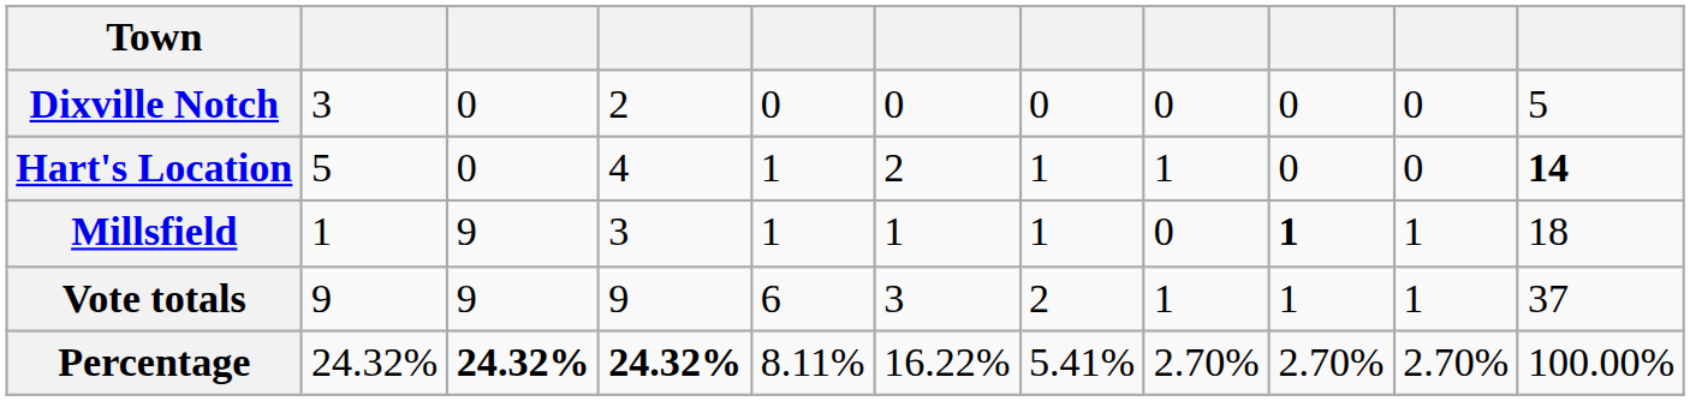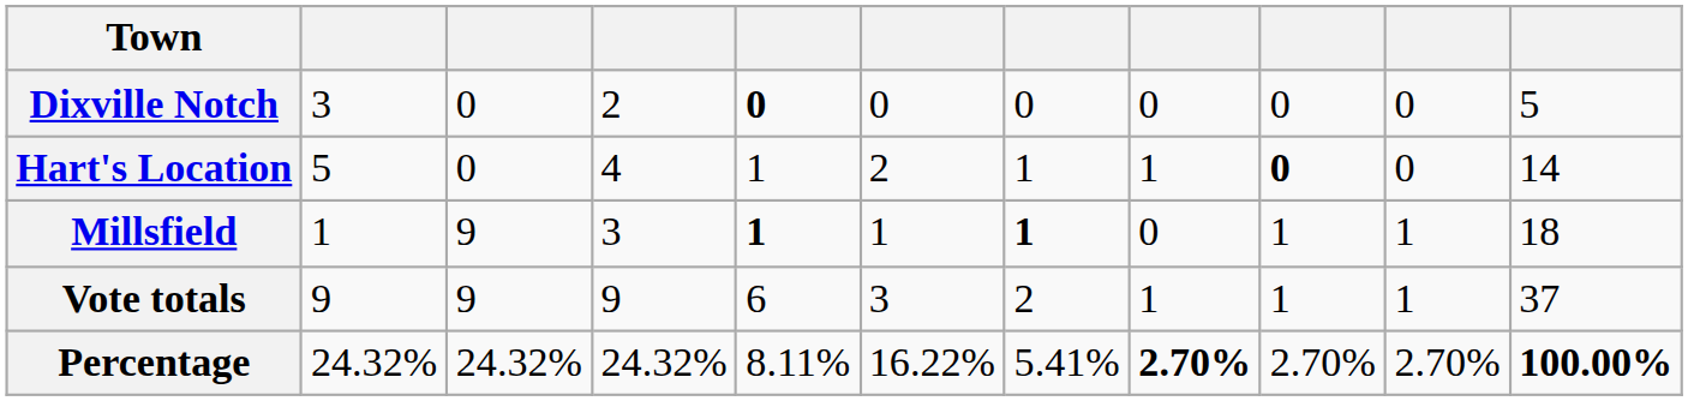 <table class="wikitable sortable" style=margin:auto;margin:auto>
 <tr valign=bottom>
 <th>Town</th>
 <th></th>
 <th></th>
 <th></th>
 <th></th>
 <th></th>
 <th></th>
 <th></th>
 <th></th>
 <th></th>
 <th></th>
 </tr>
 <tr>
 <th><a href='#'>Dixville Notch</a></th>
 <td>3</td>
 <td>0</td>
 <td>2</td>
-<td>0</td>
+<td><strong>0</strong></td>
 <td>0</td>
 <td>0</td>
 <td>0</td>
 <td>0</td>
 <td>0</td>
 <td>5</td>
 </tr>
 <tr>
 <th><a href='#'>Hart's Location</a></th>
 <td>5</td>
 <td>0</td>
 <td>4</td>
 <td>1</td>
 <td>2</td>
 <td>1</td>
 <td>1</td>
+<td><strong>0</strong></td>
 <td>0</td>
-<td>0</td>
-<td><strong>14</strong></td>
+<td>14</td>
 </tr>
 <tr>
 <th><a href='#'>Millsfield</a></th>
 <td>1</td>
 <td>9</td>
 <td>3</td>
+<td><strong>1</strong></td>
 <td>1</td>
+<td><strong>1</strong></td>
+<td>0</td>
 <td>1</td>
-<td>1</td>
-<td>0</td>
-<td><strong>1</strong></td>
 <td>1</td>
 <td>18</td>
 </tr>
 <tr>
 <th>Vote totals</th>
 <td>9</td>
 <td>9</td>
 <td>9</td>
 <td>6</td>
 <td>3</td>
 <td>2</td>
 <td>1</td>
 <td>1</td>
 <td>1</td>
 <td>37</td>
 </tr>
 <tr>
 <th>Percentage</th>
 <td>24.32%</td>
-<td><strong>24.32%</strong></td>
-<td><strong>24.32%</strong></td>
+<td>24.32%</td>
+<td>24.32%</td>
 <td>8.11%</td>
 <td>16.22%</td>
 <td>5.41%</td>
+<td><strong>2.70%</strong></td>
 <td>2.70%</td>
 <td>2.70%</td>
-<td>2.70%</td>
-<td>100.00%</td>
+<td><strong>100.00%</strong></td>
 </tr>
 </table>
